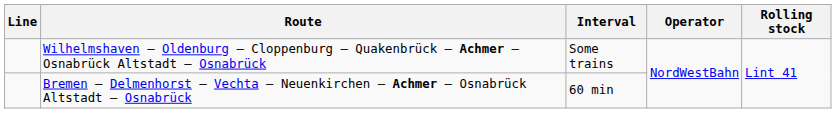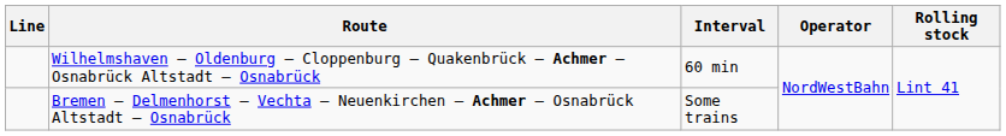 <table class="wikitable">
 <tr>
 <th>Line</th>
 <th>Route</th>
 <th>Interval</th>
 <th>Operator</th>
 <th>Rolling stock</th>
 </tr>
 <tr>
 <td></td>
 <td><a href='#'>Wilhelmshaven</a> –  <a href='#'>Oldenburg</a> – Cloppenburg – Quakenbrück – <strong>Achmer</strong> –  Osnabrück Altstadt – <a href='#'>Osnabrück</a></td>
-<td>Some trains</td>
+<td>60 min</td>
 <td rowspan="2"><a href='#'>NordWestBahn</a></td>
 <td rowspan="2"><a href='#'>Lint 41</a></td>
 </tr>
 <tr>
 <td></td>
 <td><a href='#'>Bremen</a> – <a href='#'>Delmenhorst</a> – <a href='#'>Vechta</a> – Neuenkirchen – <strong>Achmer</strong> – Osnabrück Altstadt – <a href='#'>Osnabrück</a></td>
-<td>60 min</td>
+<td>Some trains</td>
 </tr>
 </table>
